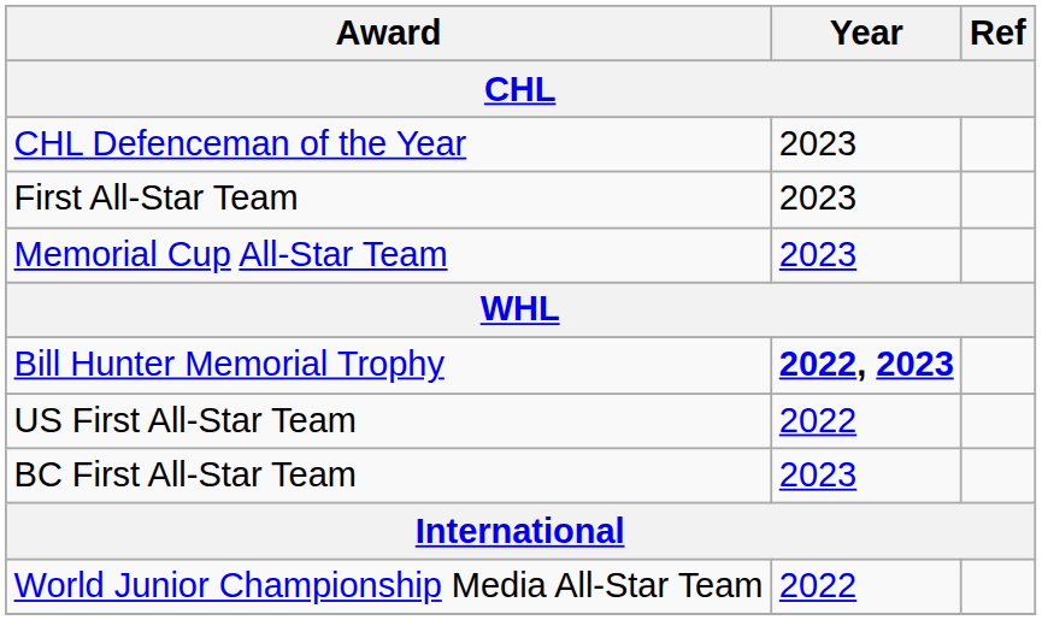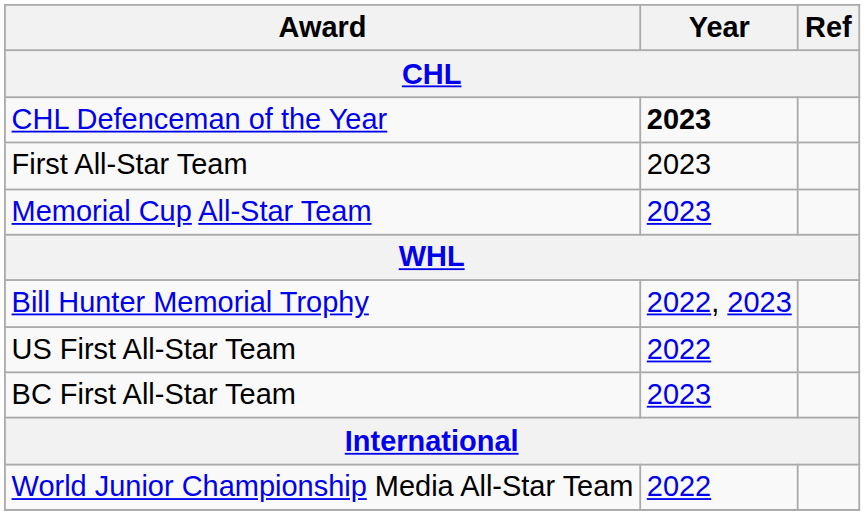 <table class="wikitable">
 <tr>
 <th>Award</th>
 <th>Year</th>
 <th>Ref</th>
 </tr>
 <tr ALIGN="center" bgcolor="#e0e0e0">
 <th colspan="4"><a href='#'>CHL</a></th>
 </tr>
 <tr>
 <td><a href='#'>CHL Defenceman of the Year</a></td>
-<td>2023</td>
+<td><strong>2023</strong></td>
 <td></td>
 </tr>
 <tr>
 <td>First All-Star Team</td>
 <td>2023</td>
 <td></td>
 </tr>
 <tr>
 <td><a href='#'>Memorial Cup</a> <a href='#'>All-Star Team</a></td>
 <td><a href='#'>2023</a></td>
 <td></td>
 </tr>
 <tr ALIGN="center" bgcolor="#e0e0e0">
 <th colspan="4"><a href='#'>WHL</a></th>
 </tr>
 <tr>
 <td><a href='#'>Bill Hunter Memorial Trophy</a></td>
-<td><strong><a href='#'>2022</a>, <a href='#'>2023</a></strong></td>
+<td><a href='#'>2022</a>, <a href='#'>2023</a></td>
 <td></td>
 </tr>
 <tr>
 <td>US First All-Star Team</td>
 <td><a href='#'>2022</a></td>
 <td></td>
 </tr>
 <tr>
 <td>BC First All-Star Team</td>
 <td><a href='#'>2023</a></td>
 <td></td>
 </tr>
 <tr ALIGN="center" bgcolor="#e0e0e0">
 <th colspan="4"><a href='#'>International</a></th>
 </tr>
 <tr>
 <td><a href='#'>World Junior Championship</a> Media All-Star Team</td>
 <td><a href='#'>2022</a></td>
 <td></td>
 </tr>
 <tr>
 </tr>
 </table>
